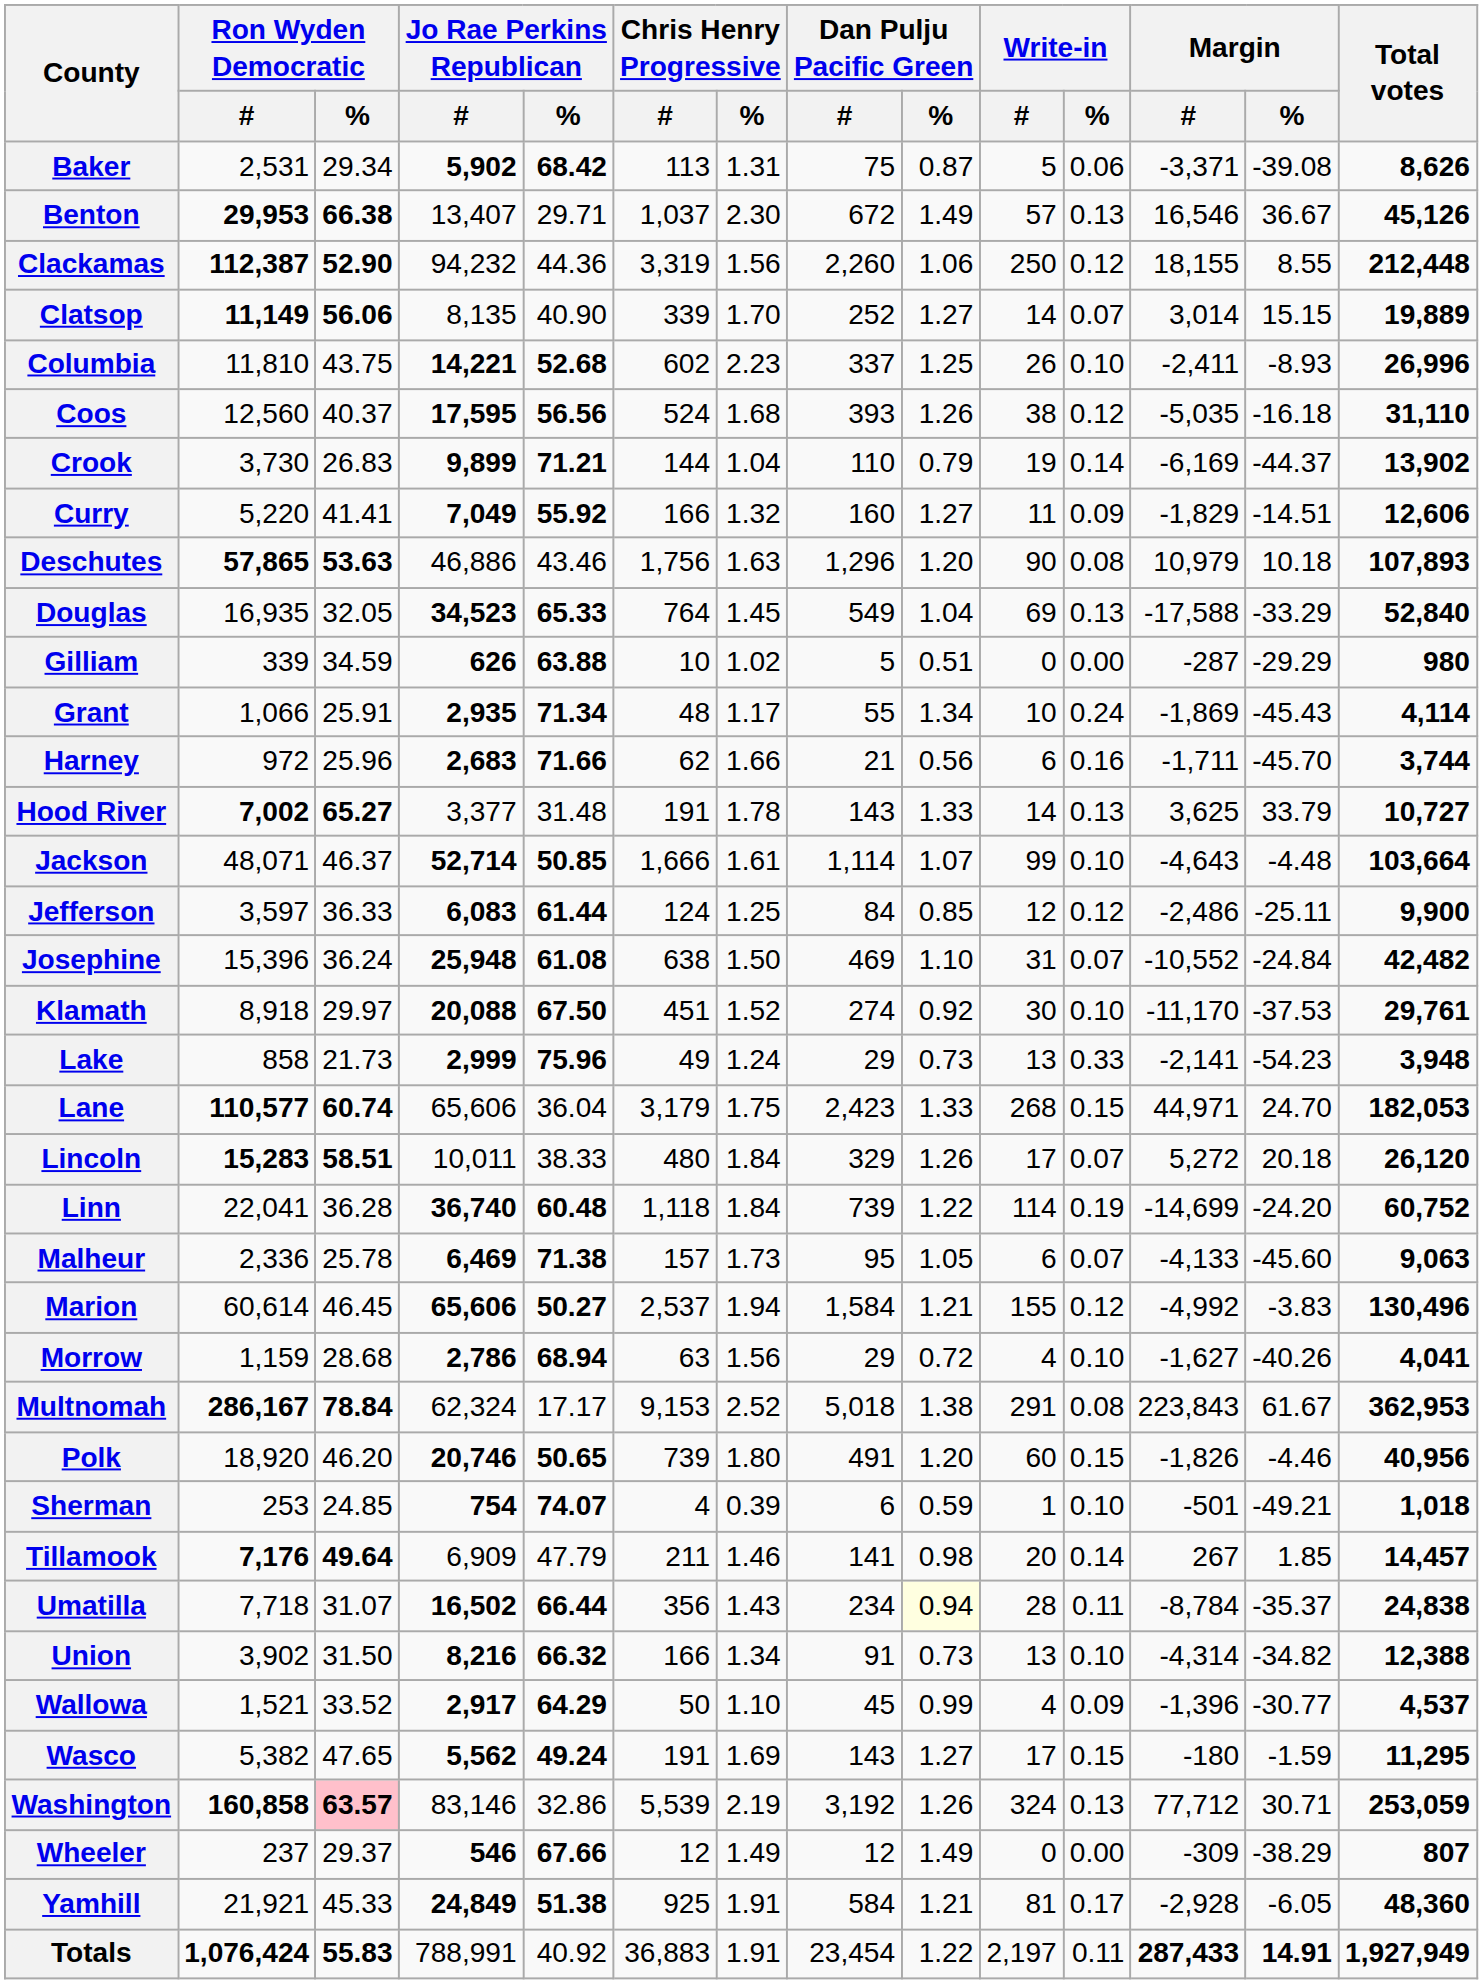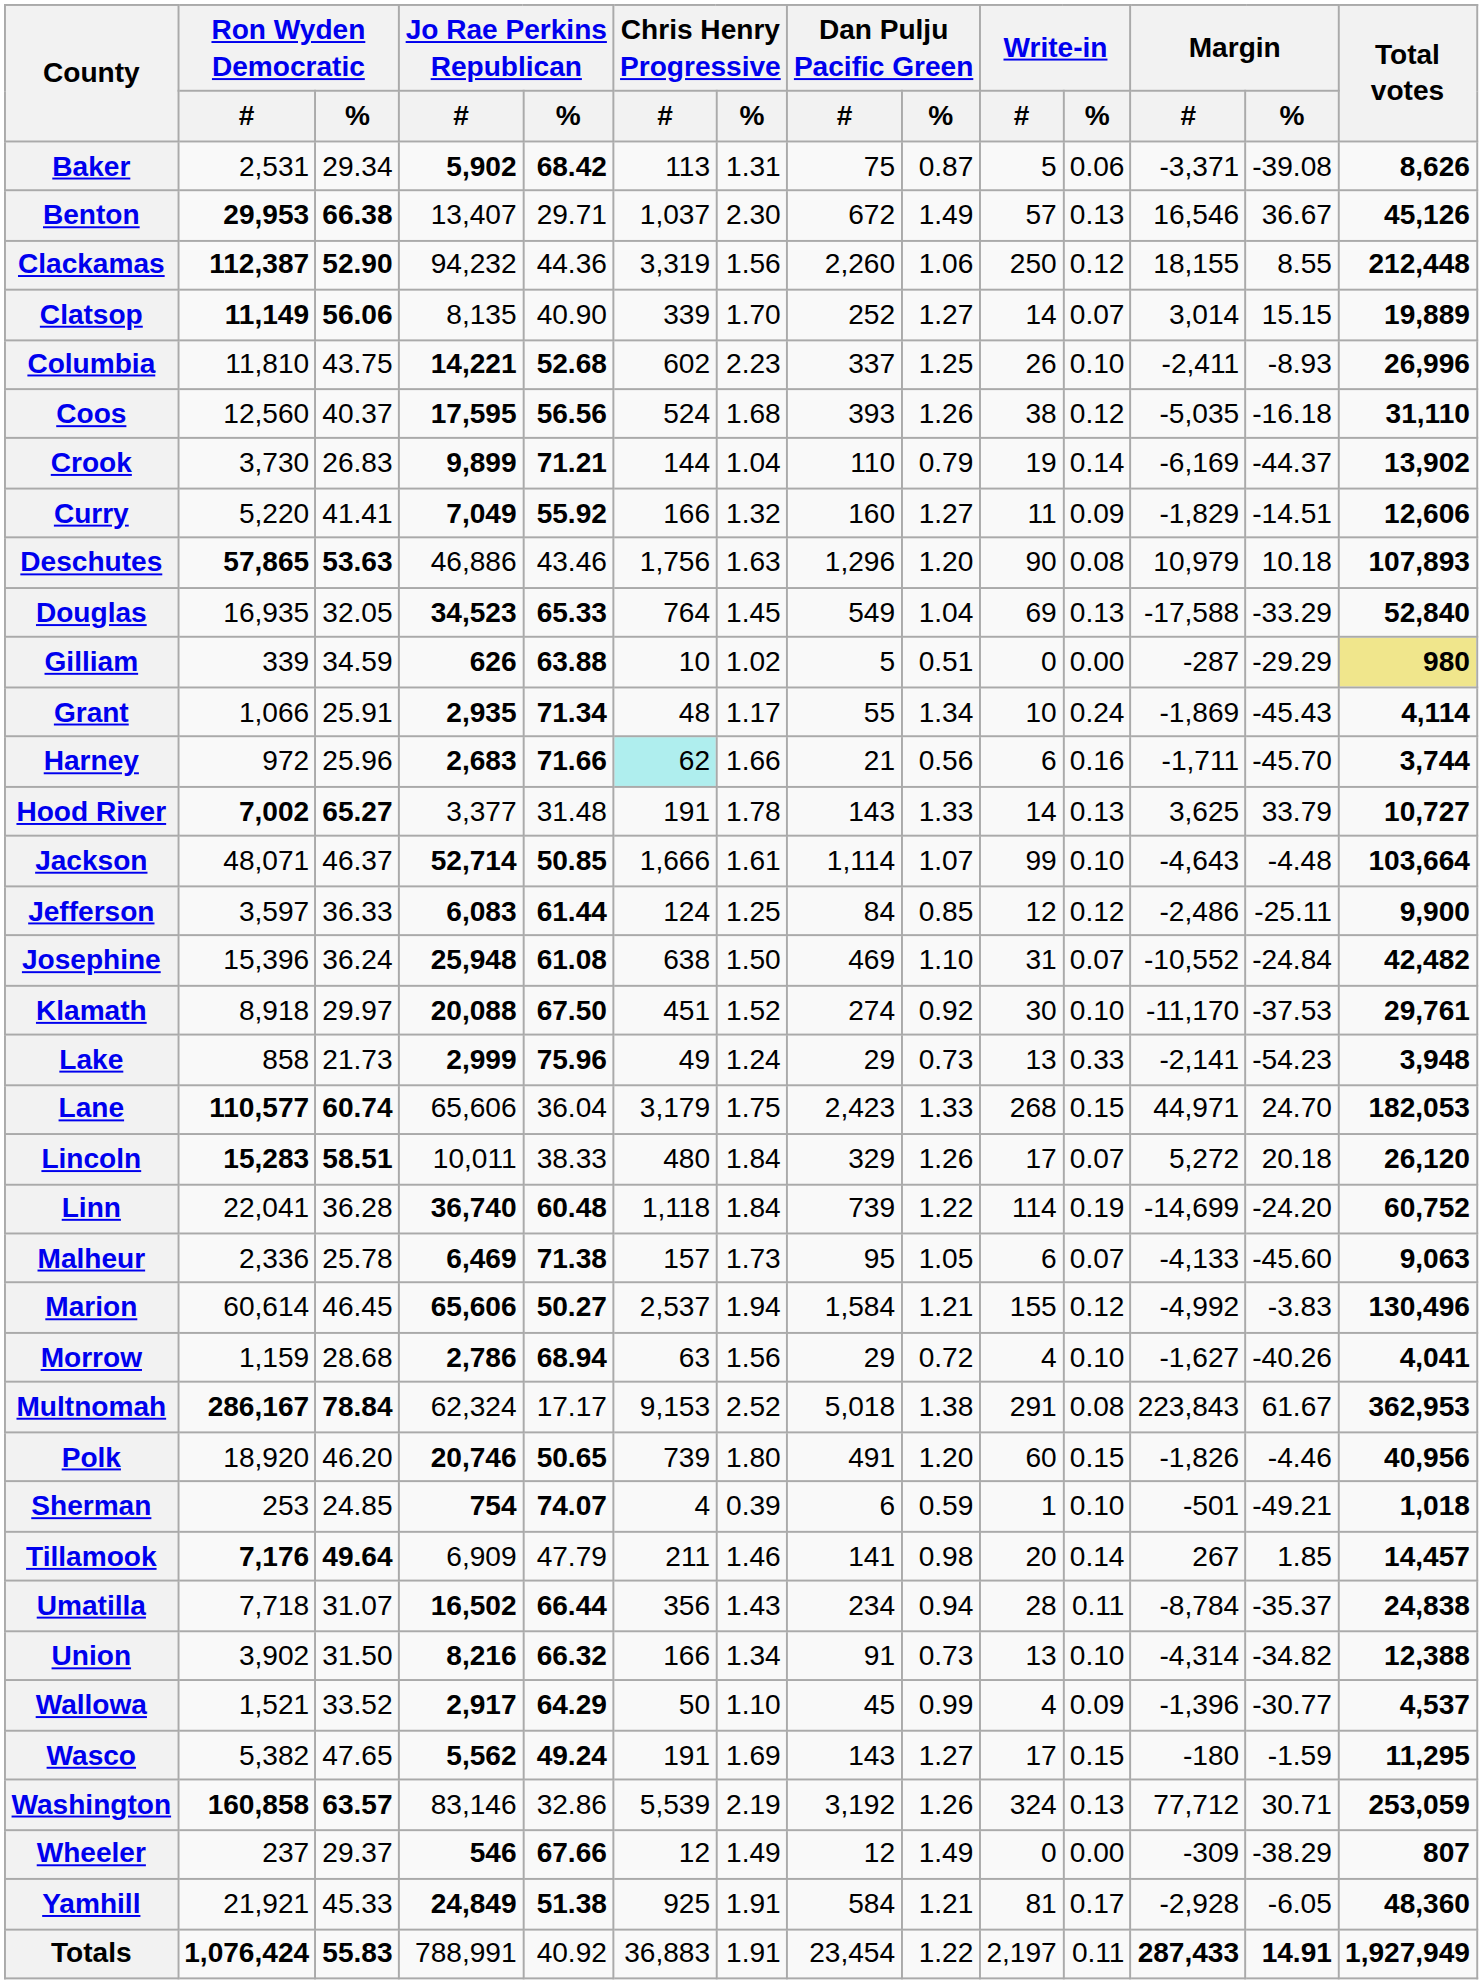 <table class="wikitable sortable" style="text-align:right;font-size:90%;line-height:1.3">
 <tr>
 <th rowspan=2>County</th>
 <th colspan=2><a href='#'>Ron Wyden</a><br><a href='#'>Democratic</a></th>
 <th colspan=2><a href='#'>Jo Rae Perkins</a><br><a href='#'>Republican</a></th>
 <th colspan=2>Chris Henry<br><a href='#'>Progressive</a></th>
 <th colspan=2>Dan Pulju<br><a href='#'>Pacific Green</a></th>
 <th colspan=2><a href='#'>Write-in</a></th>
 <th colspan=2>Margin</th>
 <th rowspan=2>Total<br>votes</th>
 </tr>
 <tr>
 <th data-sort-type="number">#</th>
 <th data-sort-type="number">%</th>
 <th data-sort-type="number">#</th>
 <th data-sort-type="number">%</th>
 <th data-sort-type="number">#</th>
 <th data-sort-type="number">%</th>
 <th data-sort-type="number">#</th>
 <th data-sort-type="number">%</th>
 <th data-sort-type="number">#</th>
 <th data-sort-type="number">%</th>
 <th data-sort-type="number">#</th>
 <th data-sort-type="number">%</th>
 </tr>
 <tr>
 <th><a href='#'>Baker</a></th>
 <td>2,531</td>
 <td>29.34</td>
 <td><strong>5,902</strong></td>
 <td><strong>68.42</strong></td>
 <td>113</td>
 <td>1.31</td>
 <td>75</td>
 <td>0.87</td>
 <td>5</td>
 <td>0.06</td>
 <td>-3,371</td>
 <td>-39.08</td>
 <td><strong>8,626</strong></td>
 </tr>
 <tr>
 <th><a href='#'>Benton</a></th>
 <td><strong>29,953</strong></td>
 <td><strong>66.38</strong></td>
 <td>13,407</td>
 <td>29.71</td>
 <td>1,037</td>
 <td>2.30</td>
 <td>672</td>
 <td>1.49</td>
 <td>57</td>
 <td>0.13</td>
 <td>16,546</td>
 <td>36.67</td>
 <td><strong>45,126</strong></td>
 </tr>
 <tr>
 <th><a href='#'>Clackamas</a></th>
 <td><strong>112,387</strong></td>
 <td><strong>52.90</strong></td>
 <td>94,232</td>
 <td>44.36</td>
 <td>3,319</td>
 <td>1.56</td>
 <td>2,260</td>
 <td>1.06</td>
 <td>250</td>
 <td>0.12</td>
 <td>18,155</td>
 <td>8.55</td>
 <td><strong>212,448</strong></td>
 </tr>
 <tr>
 <th><a href='#'>Clatsop</a></th>
 <td><strong>11,149</strong></td>
 <td><strong>56.06</strong></td>
 <td>8,135</td>
 <td>40.90</td>
 <td>339</td>
 <td>1.70</td>
 <td>252</td>
 <td>1.27</td>
 <td>14</td>
 <td>0.07</td>
 <td>3,014</td>
 <td>15.15</td>
 <td><strong>19,889</strong></td>
 </tr>
 <tr>
 <th><a href='#'>Columbia</a></th>
 <td>11,810</td>
 <td>43.75</td>
 <td><strong>14,221</strong></td>
 <td><strong>52.68</strong></td>
 <td>602</td>
 <td>2.23</td>
 <td>337</td>
 <td>1.25</td>
 <td>26</td>
 <td>0.10</td>
 <td>-2,411</td>
 <td>-8.93</td>
 <td><strong>26,996</strong></td>
 </tr>
 <tr>
 <th><a href='#'>Coos</a></th>
 <td>12,560</td>
 <td>40.37</td>
 <td><strong>17,595</strong></td>
 <td><strong>56.56</strong></td>
 <td>524</td>
 <td>1.68</td>
 <td>393</td>
 <td>1.26</td>
 <td>38</td>
 <td>0.12</td>
 <td>-5,035</td>
 <td>-16.18</td>
 <td><strong>31,110</strong></td>
 </tr>
 <tr>
 <th><a href='#'>Crook</a></th>
 <td>3,730</td>
 <td>26.83</td>
 <td><strong>9,899</strong></td>
 <td><strong>71.21</strong></td>
 <td>144</td>
 <td>1.04</td>
 <td>110</td>
 <td>0.79</td>
 <td>19</td>
 <td>0.14</td>
 <td>-6,169</td>
 <td>-44.37</td>
 <td><strong>13,902</strong></td>
 </tr>
 <tr>
 <th><a href='#'>Curry</a></th>
 <td>5,220</td>
 <td>41.41</td>
 <td><strong>7,049</strong></td>
 <td><strong>55.92</strong></td>
 <td>166</td>
 <td>1.32</td>
 <td>160</td>
 <td>1.27</td>
 <td>11</td>
 <td>0.09</td>
 <td>-1,829</td>
 <td>-14.51</td>
 <td><strong>12,606</strong></td>
 </tr>
 <tr>
 <th><a href='#'>Deschutes</a></th>
 <td><strong>57,865</strong></td>
 <td><strong>53.63</strong></td>
 <td>46,886</td>
 <td>43.46</td>
 <td>1,756</td>
 <td>1.63</td>
 <td>1,296</td>
 <td>1.20</td>
 <td>90</td>
 <td>0.08</td>
 <td>10,979</td>
 <td>10.18</td>
 <td><strong>107,893</strong></td>
 </tr>
 <tr>
 <th><a href='#'>Douglas</a></th>
 <td>16,935</td>
 <td>32.05</td>
 <td><strong>34,523</strong></td>
 <td><strong>65.33</strong></td>
 <td>764</td>
 <td>1.45</td>
 <td>549</td>
 <td>1.04</td>
 <td>69</td>
 <td>0.13</td>
 <td>-17,588</td>
 <td>-33.29</td>
 <td><strong>52,840</strong></td>
 </tr>
 <tr>
 <th><a href='#'>Gilliam</a></th>
 <td>339</td>
 <td>34.59</td>
 <td><strong>626</strong></td>
 <td><strong>63.88</strong></td>
 <td>10</td>
 <td>1.02</td>
 <td>5</td>
 <td>0.51</td>
 <td>0</td>
 <td>0.00</td>
 <td>-287</td>
 <td>-29.29</td>
-<td><strong>980</strong></td>
+<td style="background: khaki;"><strong>980</strong></td>
 </tr>
 <tr>
 <th><a href='#'>Grant</a></th>
 <td>1,066</td>
 <td>25.91</td>
 <td><strong>2,935</strong></td>
 <td><strong>71.34</strong></td>
 <td>48</td>
 <td>1.17</td>
 <td>55</td>
 <td>1.34</td>
 <td>10</td>
 <td>0.24</td>
 <td>-1,869</td>
 <td>-45.43</td>
 <td><strong>4,114</strong></td>
 </tr>
 <tr>
 <th><a href='#'>Harney</a></th>
 <td>972</td>
 <td>25.96</td>
 <td><strong>2,683</strong></td>
 <td><strong>71.66</strong></td>
-<td>62</td>
+<td style="background: paleturquoise;">62</td>
 <td>1.66</td>
 <td>21</td>
 <td>0.56</td>
 <td>6</td>
 <td>0.16</td>
 <td>-1,711</td>
 <td>-45.70</td>
 <td><strong>3,744</strong></td>
 </tr>
 <tr>
 <th><a href='#'>Hood River</a></th>
 <td><strong>7,002</strong></td>
 <td><strong>65.27</strong></td>
 <td>3,377</td>
 <td>31.48</td>
 <td>191</td>
 <td>1.78</td>
 <td>143</td>
 <td>1.33</td>
 <td>14</td>
 <td>0.13</td>
 <td>3,625</td>
 <td>33.79</td>
 <td><strong>10,727</strong></td>
 </tr>
 <tr>
 <th><a href='#'>Jackson</a></th>
 <td>48,071</td>
 <td>46.37</td>
 <td><strong>52,714</strong></td>
 <td><strong>50.85</strong></td>
 <td>1,666</td>
 <td>1.61</td>
 <td>1,114</td>
 <td>1.07</td>
 <td>99</td>
 <td>0.10</td>
 <td>-4,643</td>
 <td>-4.48</td>
 <td><strong>103,664</strong></td>
 </tr>
 <tr>
 <th><a href='#'>Jefferson</a></th>
 <td>3,597</td>
 <td>36.33</td>
 <td><strong>6,083</strong></td>
 <td><strong>61.44</strong></td>
 <td>124</td>
 <td>1.25</td>
 <td>84</td>
 <td>0.85</td>
 <td>12</td>
 <td>0.12</td>
 <td>-2,486</td>
 <td>-25.11</td>
 <td><strong>9,900</strong></td>
 </tr>
 <tr>
 <th><a href='#'>Josephine</a></th>
 <td>15,396</td>
 <td>36.24</td>
 <td><strong>25,948</strong></td>
 <td><strong>61.08</strong></td>
 <td>638</td>
 <td>1.50</td>
 <td>469</td>
 <td>1.10</td>
 <td>31</td>
 <td>0.07</td>
 <td>-10,552</td>
 <td>-24.84</td>
 <td><strong>42,482</strong></td>
 </tr>
 <tr>
 <th><a href='#'>Klamath</a></th>
 <td>8,918</td>
 <td>29.97</td>
 <td><strong>20,088</strong></td>
 <td><strong>67.50</strong></td>
 <td>451</td>
 <td>1.52</td>
 <td>274</td>
 <td>0.92</td>
 <td>30</td>
 <td>0.10</td>
 <td>-11,170</td>
 <td>-37.53</td>
 <td><strong>29,761</strong></td>
 </tr>
 <tr>
 <th><a href='#'>Lake</a></th>
 <td>858</td>
 <td>21.73</td>
 <td><strong>2,999</strong></td>
 <td><strong>75.96</strong></td>
 <td>49</td>
 <td>1.24</td>
 <td>29</td>
 <td>0.73</td>
 <td>13</td>
 <td>0.33</td>
 <td>-2,141</td>
 <td>-54.23</td>
 <td><strong>3,948</strong></td>
 </tr>
 <tr>
 <th><a href='#'>Lane</a></th>
 <td><strong>110,577</strong></td>
 <td><strong>60.74</strong></td>
 <td>65,606</td>
 <td>36.04</td>
 <td>3,179</td>
 <td>1.75</td>
 <td>2,423</td>
 <td>1.33</td>
 <td>268</td>
 <td>0.15</td>
 <td>44,971</td>
 <td>24.70</td>
 <td><strong>182,053</strong></td>
 </tr>
 <tr>
 <th><a href='#'>Lincoln</a></th>
 <td><strong>15,283</strong></td>
 <td><strong>58.51</strong></td>
 <td>10,011</td>
 <td>38.33</td>
 <td>480</td>
 <td>1.84</td>
 <td>329</td>
 <td>1.26</td>
 <td>17</td>
 <td>0.07</td>
 <td>5,272</td>
 <td>20.18</td>
 <td><strong>26,120</strong></td>
 </tr>
 <tr>
 <th><a href='#'>Linn</a></th>
 <td>22,041</td>
 <td>36.28</td>
 <td><strong>36,740</strong></td>
 <td><strong>60.48</strong></td>
 <td>1,118</td>
 <td>1.84</td>
 <td>739</td>
 <td>1.22</td>
 <td>114</td>
 <td>0.19</td>
 <td>-14,699</td>
 <td>-24.20</td>
 <td><strong>60,752</strong></td>
 </tr>
 <tr>
 <th><a href='#'>Malheur</a></th>
 <td>2,336</td>
 <td>25.78</td>
 <td><strong>6,469</strong></td>
 <td><strong>71.38</strong></td>
 <td>157</td>
 <td>1.73</td>
 <td>95</td>
 <td>1.05</td>
 <td>6</td>
 <td>0.07</td>
 <td>-4,133</td>
 <td>-45.60</td>
 <td><strong>9,063</strong></td>
 </tr>
 <tr>
 <th><a href='#'>Marion</a></th>
 <td>60,614</td>
 <td>46.45</td>
 <td><strong>65,606</strong></td>
 <td><strong>50.27</strong></td>
 <td>2,537</td>
 <td>1.94</td>
 <td>1,584</td>
 <td>1.21</td>
 <td>155</td>
 <td>0.12</td>
 <td>-4,992</td>
 <td>-3.83</td>
 <td><strong>130,496</strong></td>
 </tr>
 <tr>
 <th><a href='#'>Morrow</a></th>
 <td>1,159</td>
 <td>28.68</td>
 <td><strong>2,786</strong></td>
 <td><strong>68.94</strong></td>
 <td>63</td>
 <td>1.56</td>
 <td>29</td>
 <td>0.72</td>
 <td>4</td>
 <td>0.10</td>
 <td>-1,627</td>
 <td>-40.26</td>
 <td><strong>4,041</strong></td>
 </tr>
 <tr>
 <th><a href='#'>Multnomah</a></th>
 <td><strong>286,167</strong></td>
 <td><strong>78.84</strong></td>
 <td>62,324</td>
 <td>17.17</td>
 <td>9,153</td>
 <td>2.52</td>
 <td>5,018</td>
 <td>1.38</td>
 <td>291</td>
 <td>0.08</td>
 <td>223,843</td>
 <td>61.67</td>
 <td><strong>362,953</strong></td>
 </tr>
 <tr>
 <th><a href='#'>Polk</a></th>
 <td>18,920</td>
 <td>46.20</td>
 <td><strong>20,746</strong></td>
 <td><strong>50.65</strong></td>
 <td>739</td>
 <td>1.80</td>
 <td>491</td>
 <td>1.20</td>
 <td>60</td>
 <td>0.15</td>
 <td>-1,826</td>
 <td>-4.46</td>
 <td><strong>40,956</strong></td>
 </tr>
 <tr>
 <th><a href='#'>Sherman</a></th>
 <td>253</td>
 <td>24.85</td>
 <td><strong>754</strong></td>
 <td><strong>74.07</strong></td>
 <td>4</td>
 <td>0.39</td>
 <td>6</td>
 <td>0.59</td>
 <td>1</td>
 <td>0.10</td>
 <td>-501</td>
 <td>-49.21</td>
 <td><strong>1,018</strong></td>
 </tr>
 <tr>
 <th><a href='#'>Tillamook</a></th>
 <td><strong>7,176</strong></td>
 <td><strong>49.64</strong></td>
 <td>6,909</td>
 <td>47.79</td>
 <td>211</td>
 <td>1.46</td>
 <td>141</td>
 <td>0.98</td>
 <td>20</td>
 <td>0.14</td>
 <td>267</td>
 <td>1.85</td>
 <td><strong>14,457</strong></td>
 </tr>
 <tr>
 <th><a href='#'>Umatilla</a></th>
 <td>7,718</td>
 <td>31.07</td>
 <td><strong>16,502</strong></td>
 <td><strong>66.44</strong></td>
 <td>356</td>
 <td>1.43</td>
 <td>234</td>
-<td style="background: lightyellow;">0.94</td>
+<td>0.94</td>
 <td>28</td>
 <td>0.11</td>
 <td>-8,784</td>
 <td>-35.37</td>
 <td><strong>24,838</strong></td>
 </tr>
 <tr>
 <th><a href='#'>Union</a></th>
 <td>3,902</td>
 <td>31.50</td>
 <td><strong>8,216</strong></td>
 <td><strong>66.32</strong></td>
 <td>166</td>
 <td>1.34</td>
 <td>91</td>
 <td>0.73</td>
 <td>13</td>
 <td>0.10</td>
 <td>-4,314</td>
 <td>-34.82</td>
 <td><strong>12,388</strong></td>
 </tr>
 <tr>
 <th><a href='#'>Wallowa</a></th>
 <td>1,521</td>
 <td>33.52</td>
 <td><strong>2,917</strong></td>
 <td><strong>64.29</strong></td>
 <td>50</td>
 <td>1.10</td>
 <td>45</td>
 <td>0.99</td>
 <td>4</td>
 <td>0.09</td>
 <td>-1,396</td>
 <td>-30.77</td>
 <td><strong>4,537</strong></td>
 </tr>
 <tr>
 <th><a href='#'>Wasco</a></th>
 <td>5,382</td>
 <td>47.65</td>
 <td><strong>5,562</strong></td>
 <td><strong>49.24</strong></td>
 <td>191</td>
 <td>1.69</td>
 <td>143</td>
 <td>1.27</td>
 <td>17</td>
 <td>0.15</td>
 <td>-180</td>
 <td>-1.59</td>
 <td><strong>11,295</strong></td>
 </tr>
 <tr>
 <th><a href='#'>Washington</a></th>
 <td><strong>160,858</strong></td>
-<td style="background: pink;"><strong>63.57</strong></td>
+<td><strong>63.57</strong></td>
 <td>83,146</td>
 <td>32.86</td>
 <td>5,539</td>
 <td>2.19</td>
 <td>3,192</td>
 <td>1.26</td>
 <td>324</td>
 <td>0.13</td>
 <td>77,712</td>
 <td>30.71</td>
 <td><strong>253,059</strong></td>
 </tr>
 <tr>
 <th><a href='#'>Wheeler</a></th>
 <td>237</td>
 <td>29.37</td>
 <td><strong>546</strong></td>
 <td><strong>67.66</strong></td>
 <td>12</td>
 <td>1.49</td>
 <td>12</td>
 <td>1.49</td>
 <td>0</td>
 <td>0.00</td>
 <td>-309</td>
 <td>-38.29</td>
 <td><strong>807</strong></td>
 </tr>
 <tr>
 <th><a href='#'>Yamhill</a></th>
 <td>21,921</td>
 <td>45.33</td>
 <td><strong>24,849</strong></td>
 <td><strong>51.38</strong></td>
 <td>925</td>
 <td>1.91</td>
 <td>584</td>
 <td>1.21</td>
 <td>81</td>
 <td>0.17</td>
 <td>-2,928</td>
 <td>-6.05</td>
 <td><strong>48,360</strong></td>
 </tr>
 <tr class="sortbottom">
 <th>Totals</th>
 <td><strong>1,076,424</strong></td>
 <td><strong>55.83</strong></td>
 <td>788,991</td>
 <td>40.92</td>
 <td>36,883</td>
 <td>1.91</td>
 <td>23,454</td>
 <td>1.22</td>
 <td>2,197</td>
 <td>0.11</td>
 <td><strong>287,433</strong></td>
 <td><strong>14.91</strong></td>
 <td><strong>1,927,949</strong></td>
 </tr>
 </table>
